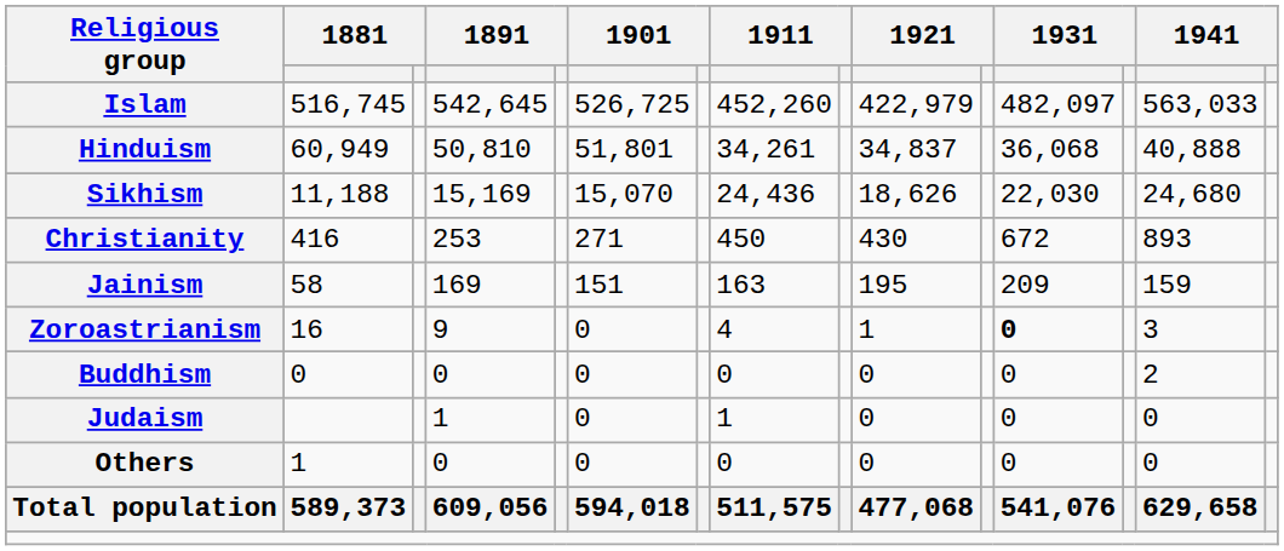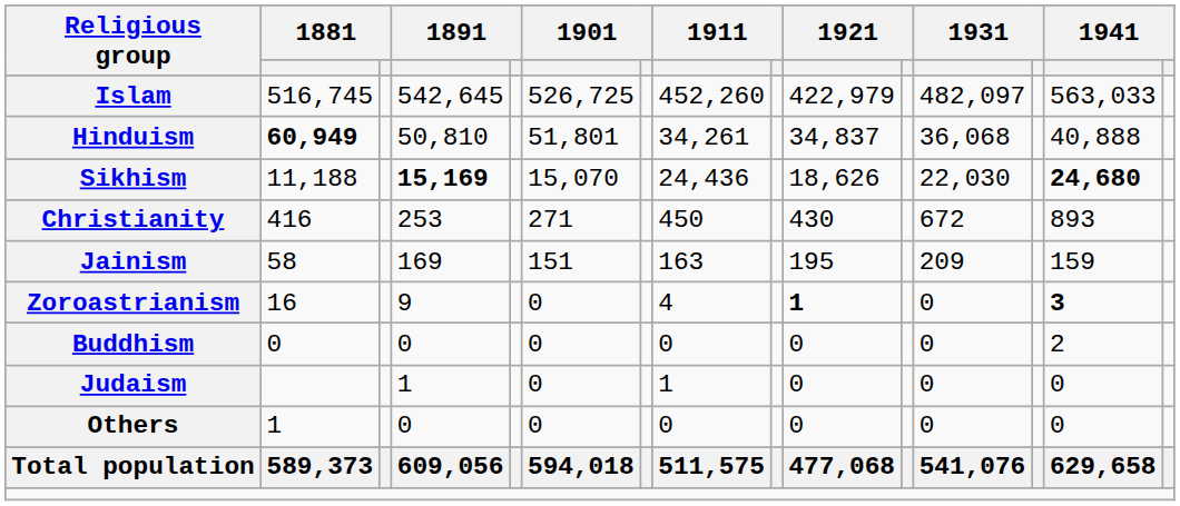 <table class="wikitable sortable">
 <tr>
 <th rowspan="2"><a href='#'>Religious</a><br>group</th>
 <th colspan="2">1881</th>
 <th colspan="2">1891</th>
 <th colspan="2">1901</th>
 <th colspan="2">1911</th>
 <th colspan="2">1921</th>
 <th colspan="2">1931</th>
 <th colspan="2">1941</th>
 </tr>
 <tr>
 <th><a href='#'></a></th>
 <th></th>
 <th></th>
 <th></th>
 <th></th>
 <th></th>
 <th></th>
 <th></th>
 <th></th>
 <th></th>
 <th></th>
 <th></th>
 <th></th>
 <th></th>
 </tr>
 <tr>
 <th><a href='#'>Islam</a> </th>
 <td>516,745</td>
 <td></td>
 <td>542,645</td>
 <td></td>
 <td>526,725</td>
 <td></td>
 <td>452,260</td>
 <td></td>
 <td>422,979</td>
 <td></td>
 <td>482,097</td>
 <td></td>
 <td>563,033</td>
 <td></td>
 </tr>
 <tr>
 <th><a href='#'>Hinduism</a> </th>
-<td>60,949</td>
+<td><strong>60,949</strong></td>
 <td></td>
 <td>50,810</td>
 <td></td>
 <td>51,801</td>
 <td></td>
 <td>34,261</td>
 <td></td>
 <td>34,837</td>
 <td></td>
 <td>36,068</td>
 <td></td>
 <td>40,888</td>
 <td></td>
 </tr>
 <tr>
 <th><a href='#'>Sikhism</a> </th>
 <td>11,188</td>
 <td></td>
-<td>15,169</td>
+<td><strong>15,169</strong></td>
 <td></td>
 <td>15,070</td>
 <td></td>
 <td>24,436</td>
 <td></td>
 <td>18,626</td>
 <td></td>
 <td>22,030</td>
 <td></td>
-<td>24,680</td>
+<td><strong>24,680</strong></td>
 <td></td>
 </tr>
 <tr>
 <th><a href='#'>Christianity</a> </th>
 <td>416</td>
 <td></td>
 <td>253</td>
 <td></td>
 <td>271</td>
 <td></td>
 <td>450</td>
 <td></td>
 <td>430</td>
 <td></td>
 <td>672</td>
 <td></td>
 <td>893</td>
 <td></td>
 </tr>
 <tr>
 <th><a href='#'>Jainism</a> </th>
 <td>58</td>
 <td></td>
 <td>169</td>
 <td></td>
 <td>151</td>
 <td></td>
 <td>163</td>
 <td></td>
 <td>195</td>
 <td></td>
 <td>209</td>
 <td></td>
 <td>159</td>
 <td></td>
 </tr>
 <tr>
 <th><a href='#'>Zoroastrianism</a> </th>
 <td>16</td>
 <td></td>
 <td>9</td>
 <td></td>
 <td>0</td>
 <td></td>
 <td>4</td>
 <td></td>
-<td>1</td>
+<td><strong>1</strong></td>
 <td></td>
-<td><strong>0</strong></td>
+<td>0</td>
 <td></td>
-<td>3</td>
+<td><strong>3</strong></td>
 <td></td>
 </tr>
 <tr>
 <th><a href='#'>Buddhism</a> </th>
 <td>0</td>
 <td></td>
 <td>0</td>
 <td></td>
 <td>0</td>
 <td></td>
 <td>0</td>
 <td></td>
 <td>0</td>
 <td></td>
 <td>0</td>
 <td></td>
 <td>2</td>
 <td></td>
 </tr>
 <tr>
 <th><a href='#'>Judaism</a> </th>
 <td></td>
 <td></td>
 <td>1</td>
 <td></td>
 <td>0</td>
 <td></td>
 <td>1</td>
 <td></td>
 <td>0</td>
 <td></td>
 <td>0</td>
 <td></td>
 <td>0</td>
 <td></td>
 </tr>
 <tr>
 <th>Others</th>
 <td>1</td>
 <td></td>
 <td>0</td>
 <td></td>
 <td>0</td>
 <td></td>
 <td>0</td>
 <td></td>
 <td>0</td>
 <td></td>
 <td>0</td>
 <td></td>
 <td>0</td>
 <td></td>
 </tr>
 <tr>
 <th>Total population</th>
 <th>589,373</th>
 <th></th>
 <th>609,056</th>
 <th></th>
 <th>594,018</th>
 <th></th>
 <th>511,575</th>
 <th></th>
 <th>477,068</th>
 <th></th>
 <th>541,076</th>
 <th></th>
 <th>629,658</th>
 <th></th>
 </tr>
 <tr class="sortbottom">
 <td colspan="15"></td>
 </tr>
 </table>
